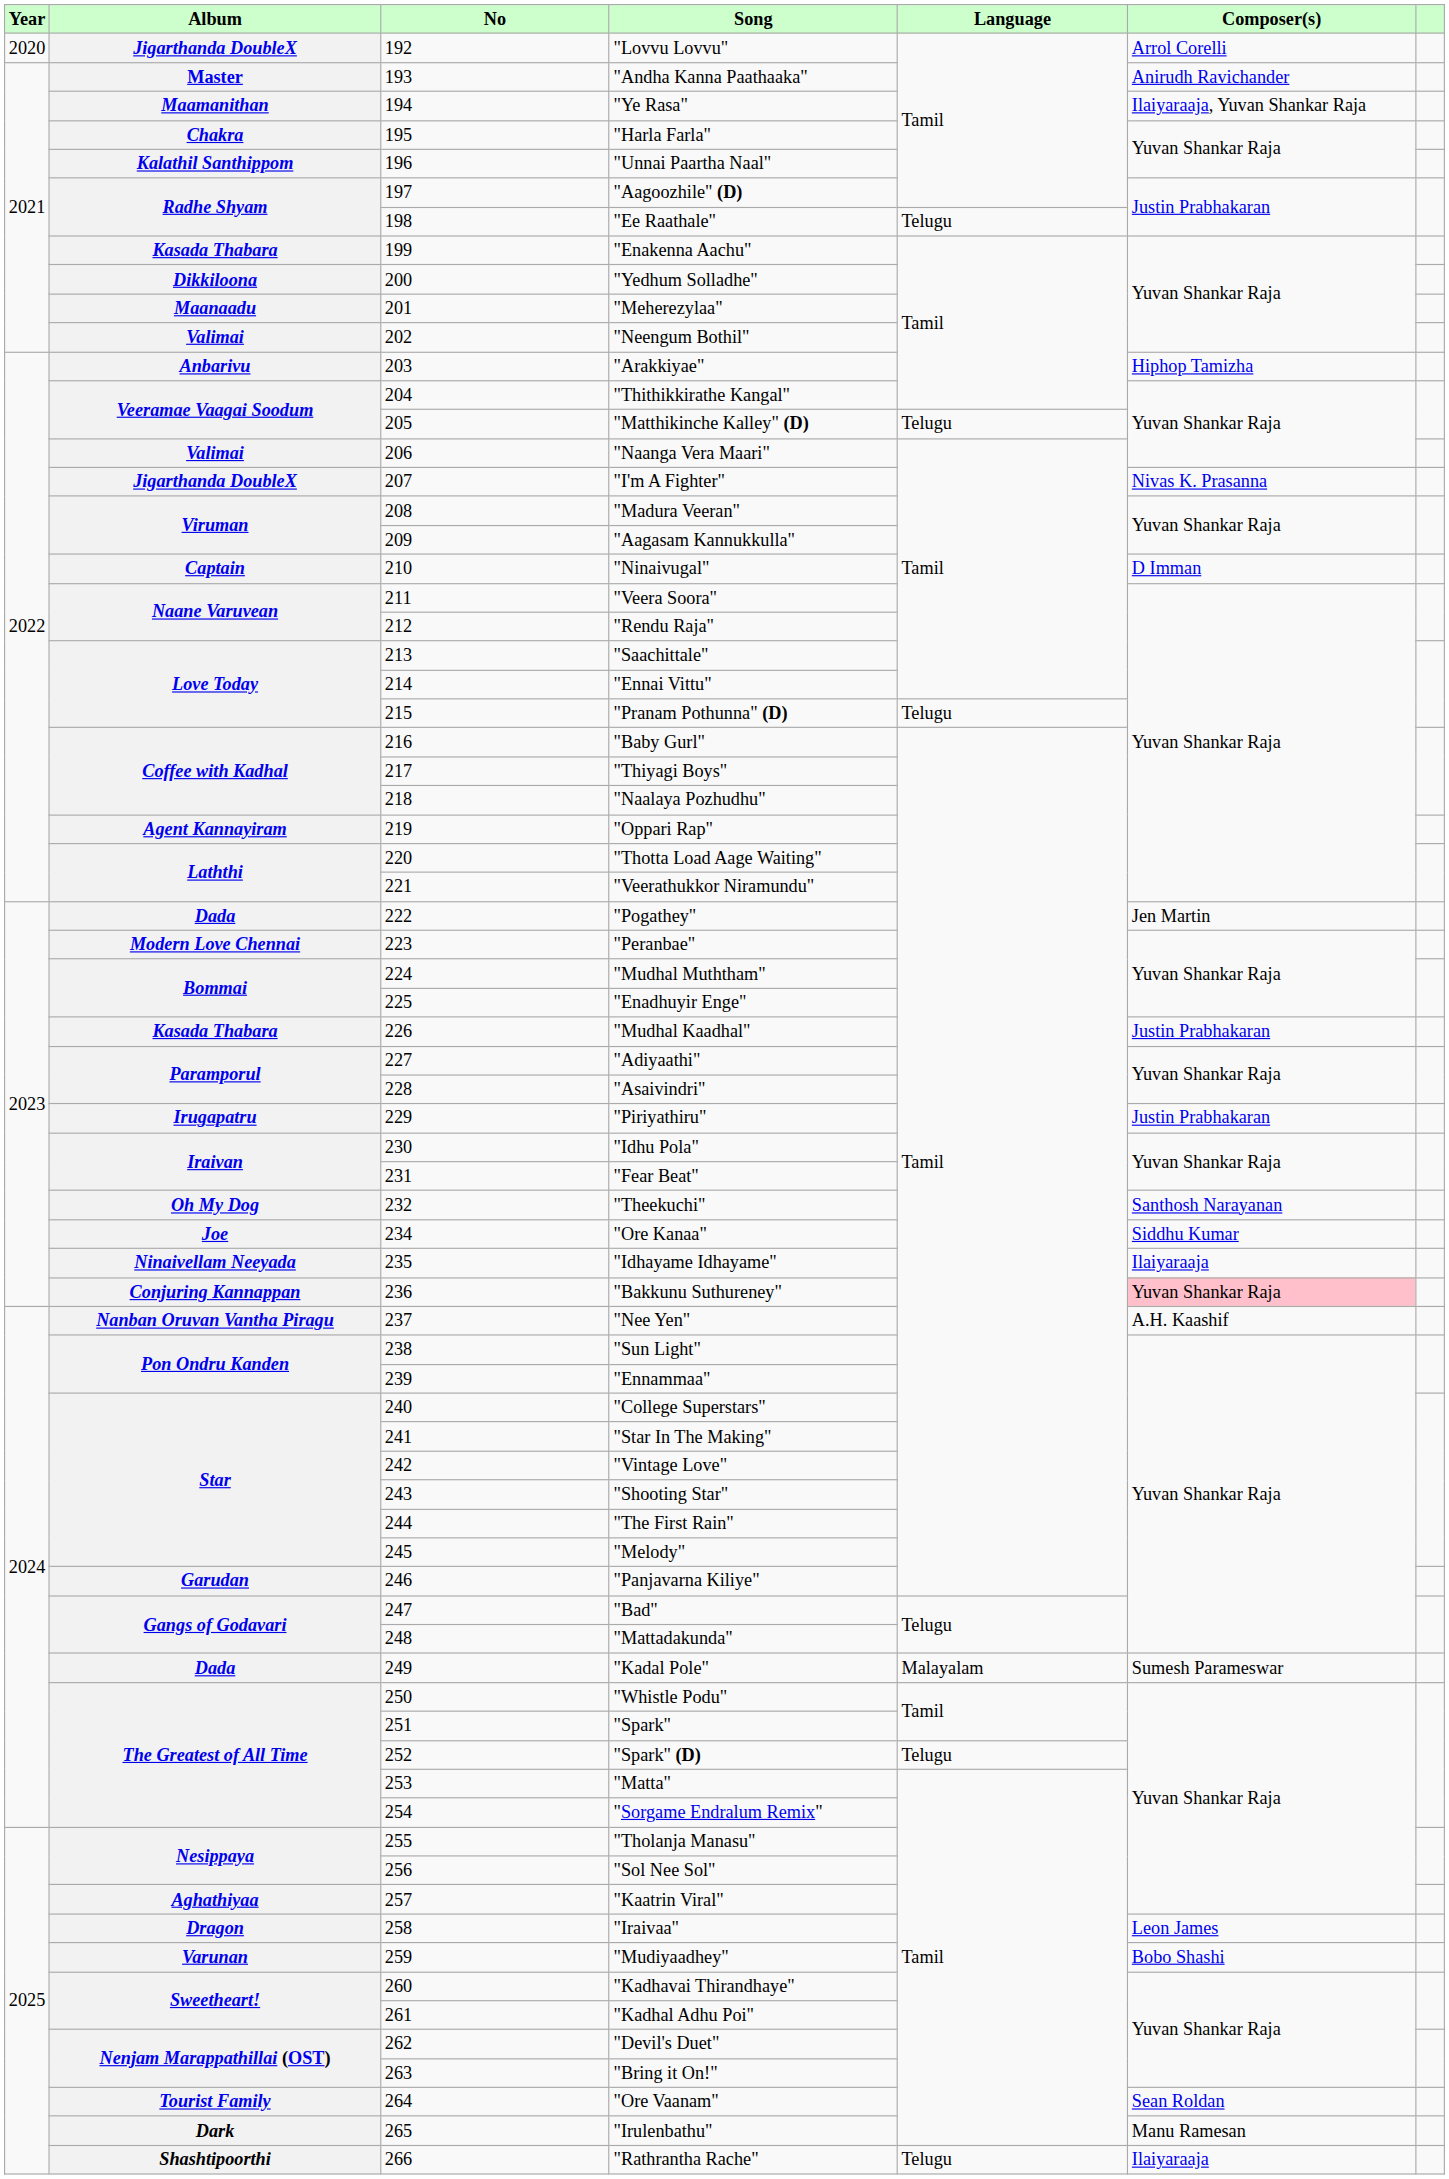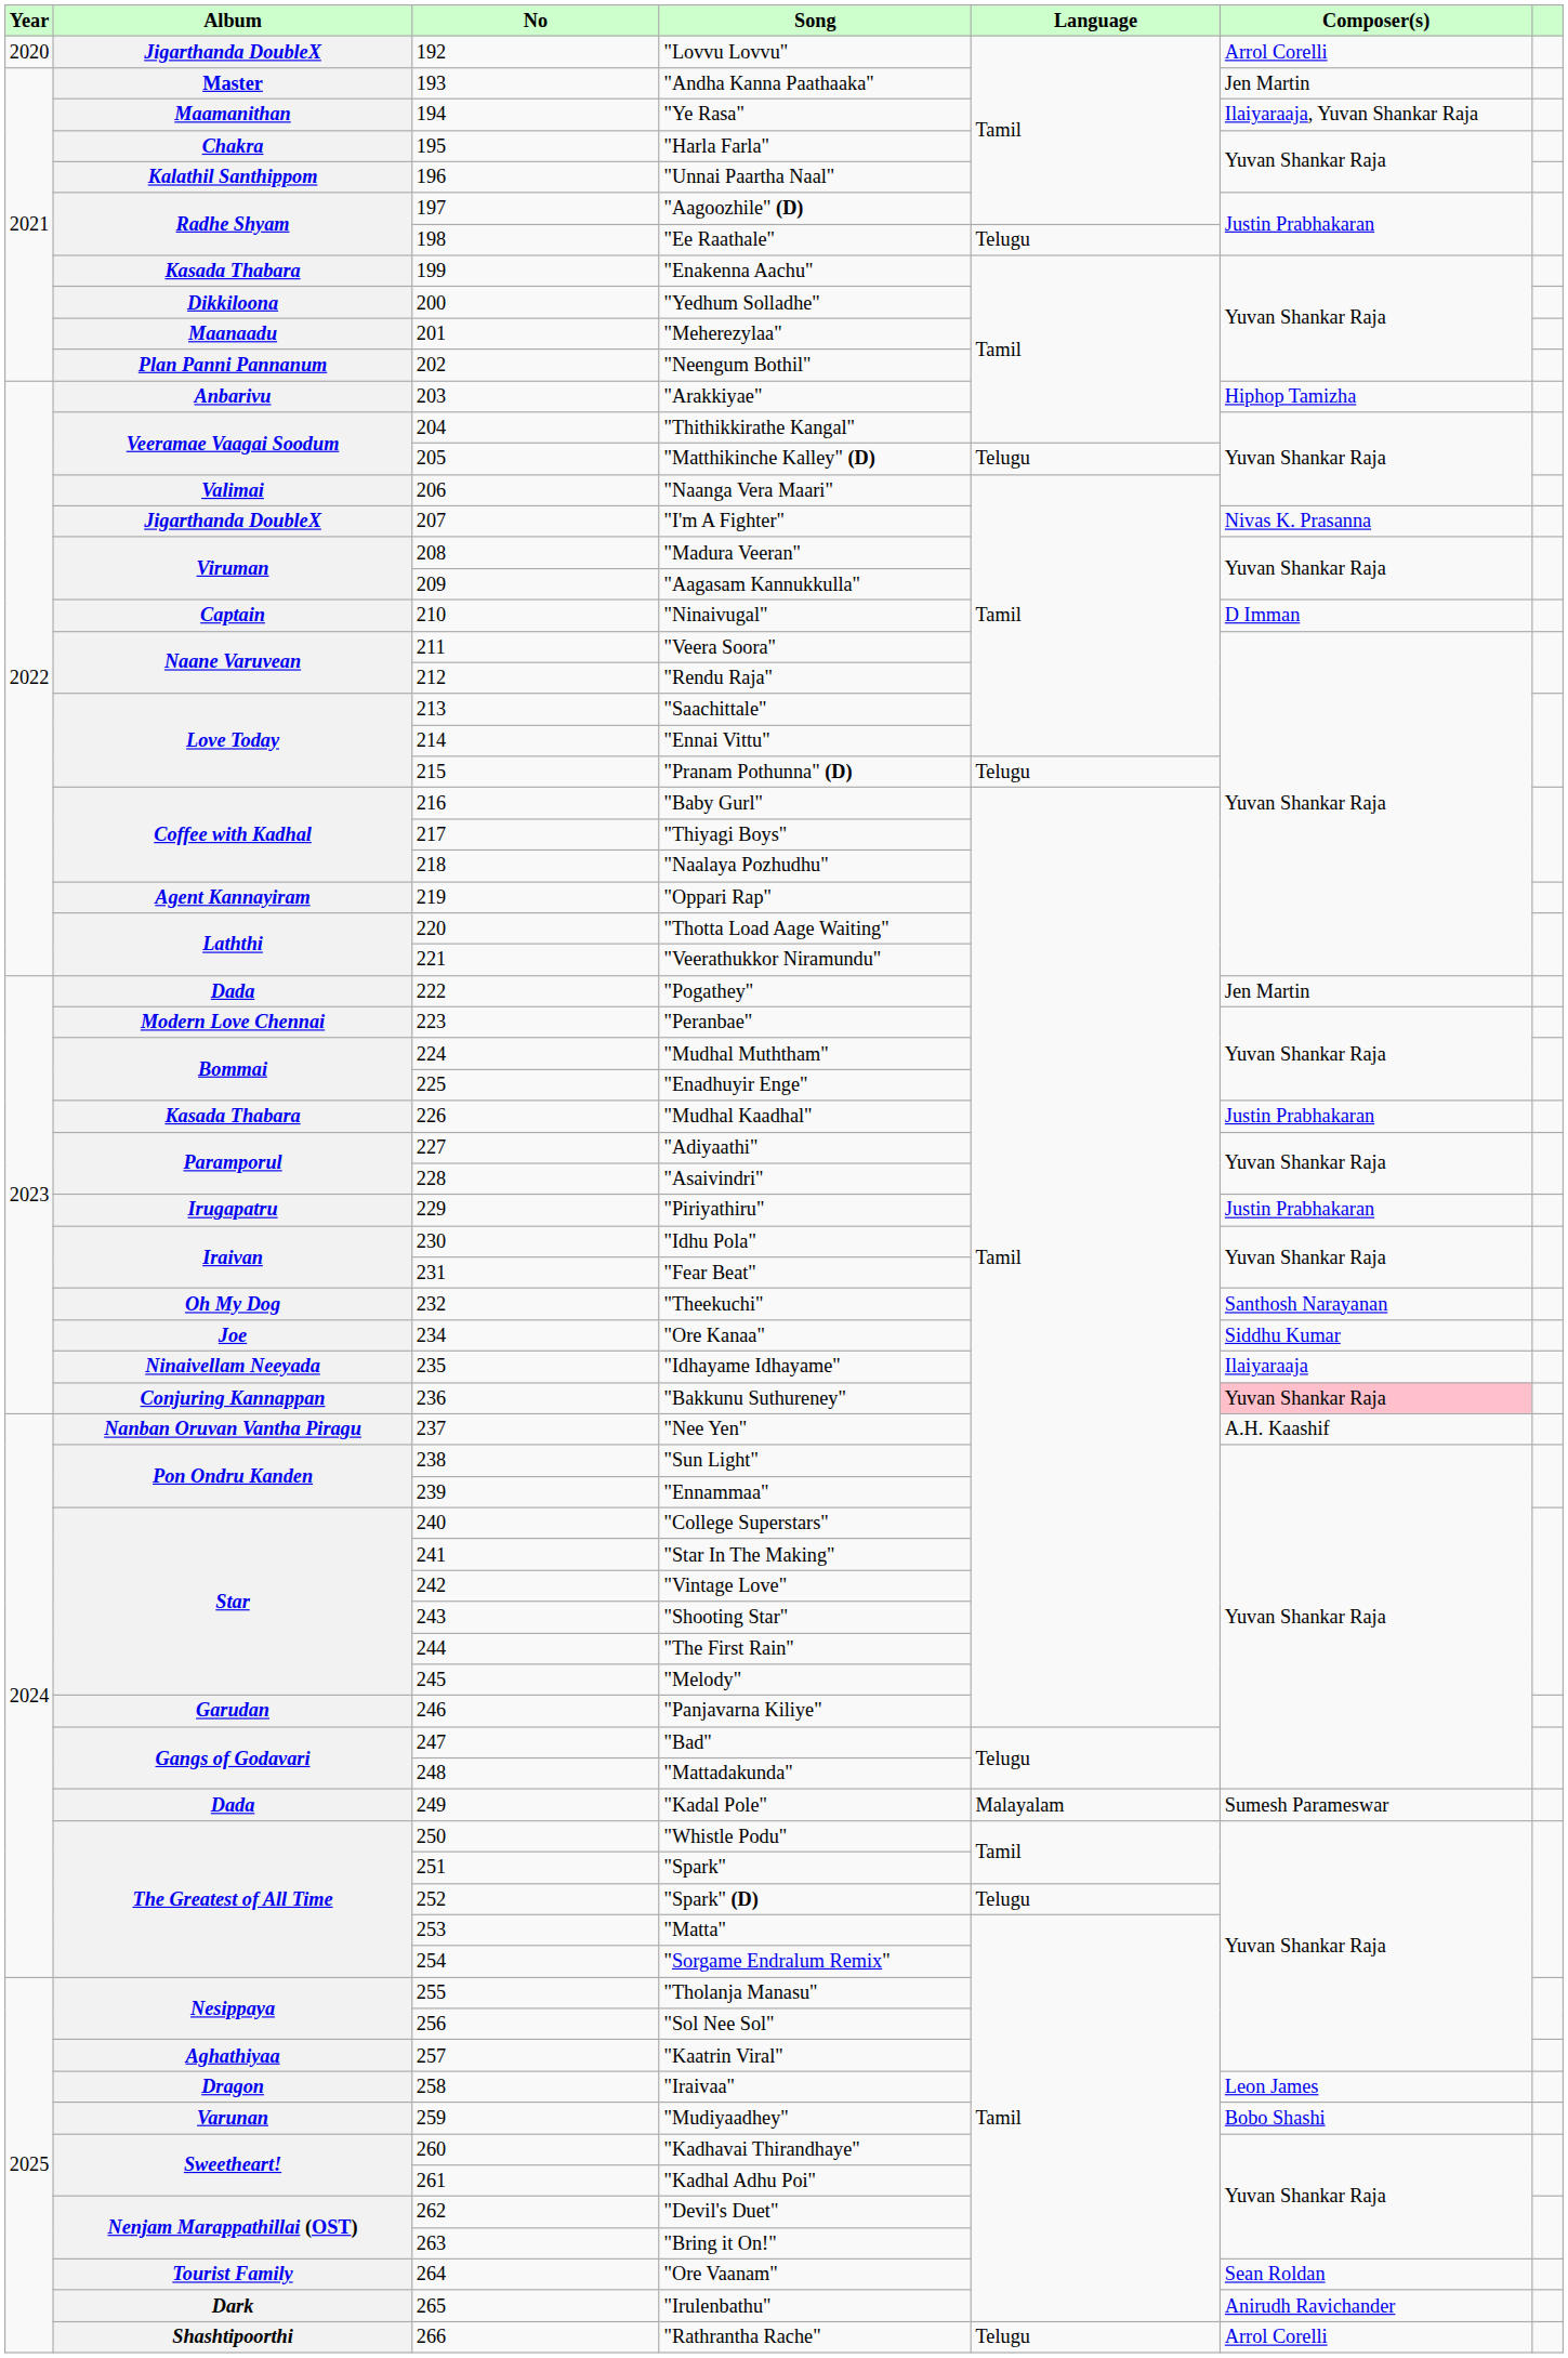 <table class="wikitable plainrowheaders" style="width:100%; textcolor:#000">
 <tr style="background:#cfc; text-align:center;">
 <td scope="col" style="width:2%;"><strong>Year</strong></td>
 <td scope="col" style="width:23%;"><strong>Album</strong></td>
 <td><strong>No</strong></td>
 <td scope="col" style="width:20%;"><strong>Song</strong></td>
 <td scope="col" style="width:16%;"><strong>Language</strong></td>
 <td scope="col" style="width:20%;"><strong>Composer(s)</strong></td>
 <td scope="col" style="width:2%;"><strong></strong></td>
 </tr>
 <tr>
 <td>2020</td>
 <th scope="row"><em><a href='#'>Jigarthanda DoubleX</a></em></th>
 <td>192</td>
 <td>"Lovvu Lovvu"</td>
 <td rowspan="6">Tamil</td>
 <td><a href='#'>Arrol Corelli</a></td>
 <td></td>
 </tr>
 <tr>
 <td rowspan="10">2021</td>
 <th scope="row"><a href='#'>Master</a></th>
 <td>193</td>
 <td>"Andha Kanna Paathaaka"</td>
-<td><a href='#'>Anirudh Ravichander</a></td>
+<td>Jen Martin</td>
 <td></td>
 </tr>
 <tr>
 <th scope="row"><a href='#'><em>Maamanithan</em></a></th>
 <td>194</td>
 <td>"Ye Rasa"</td>
 <td><a href='#'>Ilaiyaraaja</a>, Yuvan Shankar Raja</td>
 <td></td>
 </tr>
 <tr>
 <th scope="row"><a href='#'><em>Chakra</em></a></th>
 <td>195</td>
 <td>"Harla Farla"</td>
 <td rowspan="2">Yuvan Shankar Raja</td>
 <td></td>
 </tr>
 <tr>
 <th scope="row"><em><a href='#'>Kalathil Santhippom</a></em></th>
 <td>196</td>
 <td>"Unnai Paartha Naal"</td>
 <td></td>
 </tr>
 <tr>
 <th scope="row"rowspan="2"><em><a href='#'>Radhe Shyam</a></em></th>
 <td>197</td>
 <td>"Aagoozhile" <strong>(D)</strong></td>
 <td rowspan="2"><a href='#'>Justin Prabhakaran</a></td>
 <td rowspan="2"></td>
 </tr>
 <tr>
 <td>198</td>
 <td>"Ee Raathale"</td>
 <td>Telugu</td>
 </tr>
 <tr>
 <th scope="row"><em><a href='#'>Kasada Thabara</a></em></th>
 <td>199</td>
 <td>"Enakenna Aachu"</td>
 <td rowspan="6">Tamil</td>
 <td rowspan="4">Yuvan Shankar Raja</td>
 <td></td>
 </tr>
 <tr>
 <th scope="row"><em><a href='#'>Dikkiloona</a></em></th>
 <td>200</td>
 <td>"Yedhum Solladhe"</td>
 <td></td>
 </tr>
 <tr>
 <th scope="row"><em><a href='#'>Maanaadu</a></em></th>
 <td>201</td>
 <td>"Meherezylaa"</td>
 <td></td>
 </tr>
 <tr>
-<th scope="row"><em><a href='#'>Valimai</a></em></th>
+<th scope="row"><em><a href='#'>Plan Panni Pannanum</a></em></th>
 <td>202</td>
 <td>"Neengum Bothil"</td>
 <td></td>
 </tr>
 <tr>
 <td rowspan="19">2022</td>
 <th scope="row"><em><a href='#'>Anbarivu</a></em></th>
 <td>203</td>
 <td>"Arakkiyae"</td>
 <td><a href='#'>Hiphop Tamizha</a></td>
 <td></td>
 </tr>
 <tr>
 <th scope="row" rowspan="2"><em><a href='#'>Veeramae Vaagai Soodum</a></em></th>
 <td>204</td>
 <td>"Thithikkirathe Kangal"</td>
 <td rowspan="3">Yuvan Shankar Raja</td>
 <td rowspan="2"></td>
 </tr>
 <tr>
 <td>205</td>
 <td>"Matthikinche Kalley" <strong>(D)</strong></td>
 <td>Telugu</td>
 </tr>
 <tr>
 <th scope="row"><em><a href='#'>Valimai</a></em></th>
 <td>206</td>
 <td>"Naanga Vera Maari"</td>
 <td rowspan="9">Tamil</td>
 <td></td>
 </tr>
 <tr>
 <th scope="row"><em><a href='#'>Jigarthanda DoubleX</a></em></th>
 <td>207</td>
 <td>"I'm A Fighter"</td>
 <td><a href='#'>Nivas K. Prasanna</a></td>
 <td></td>
 </tr>
 <tr>
 <th scope="row" rowspan="2"><em><a href='#'>Viruman</a></em></th>
 <td>208</td>
 <td>"Madura Veeran"</td>
 <td rowspan="2">Yuvan Shankar Raja</td>
 <td rowspan="2"></td>
 </tr>
 <tr>
 <td>209</td>
 <td>"Aagasam Kannukkulla"</td>
 </tr>
 <tr>
 <th scope="row"><em><a href='#'>Captain</a></em></th>
 <td>210</td>
 <td>"Ninaivugal"</td>
 <td><a href='#'>D Imman</a></td>
 <td></td>
 </tr>
 <tr>
 <th scope="row" rowspan="2"><em><a href='#'>Naane Varuvean</a></em></th>
 <td>211</td>
 <td>"Veera Soora"</td>
 <td rowspan="11">Yuvan Shankar Raja</td>
 <td rowspan="2"></td>
 </tr>
 <tr>
 <td>212</td>
 <td>"Rendu Raja"</td>
 </tr>
 <tr>
 <th scope="row" rowspan="3"><a href='#'><em>Love Today</em></a></th>
 <td>213</td>
 <td>"Saachittale"</td>
 <td rowspan="3"></td>
 </tr>
 <tr>
 <td>214</td>
 <td>"Ennai Vittu"</td>
 </tr>
 <tr>
 <td>215</td>
 <td>"Pranam Pothunna" <strong>(D)</strong></td>
 <td>Telugu</td>
 </tr>
 <tr>
 <th scope="row" rowspan="3"><em><a href='#'>Coffee with Kadhal</a></em></th>
 <td>216</td>
 <td>"Baby Gurl"</td>
 <td rowspan="30">Tamil</td>
 <td rowspan="3"></td>
 </tr>
 <tr>
 <td>217</td>
 <td>"Thiyagi Boys"</td>
 </tr>
 <tr>
 <td>218</td>
 <td>"Naalaya Pozhudhu"</td>
 </tr>
 <tr>
 <th scope="row"><em><a href='#'>Agent Kannayiram</a></em></th>
 <td>219</td>
 <td>"Oppari Rap"</td>
 <td></td>
 </tr>
 <tr>
 <th scope="row"rowspan="2"><em><a href='#'>Laththi</a></em></th>
 <td>220</td>
 <td>"Thotta Load Aage Waiting"</td>
 <td rowspan="2"></td>
 </tr>
 <tr>
 <td>221</td>
 <td>"Veerathukkor Niramundu"</td>
 </tr>
 <tr>
 <td rowspan="14">2023</td>
 <th scope="row"><a href='#'><em>Dada</em></a></th>
 <td>222</td>
 <td>"Pogathey"</td>
 <td>Jen Martin</td>
 <td></td>
 </tr>
 <tr>
 <th scope="row"><em><a href='#'>Modern Love Chennai</a></em></th>
 <td>223</td>
 <td>"Peranbae"</td>
 <td rowspan="3">Yuvan Shankar Raja</td>
 <td></td>
 </tr>
 <tr>
 <th scope="row" rowspan="2"><em><a href='#'>Bommai</a></em></th>
 <td>224</td>
 <td>"Mudhal Muththam"</td>
 <td rowspan="2"></td>
 </tr>
 <tr>
 <td>225</td>
 <td>"Enadhuyir Enge"</td>
 </tr>
 <tr>
 <th scope="row"><em><a href='#'>Kasada Thabara</a></em></th>
 <td>226</td>
 <td>"Mudhal Kaadhal"</td>
 <td><a href='#'>Justin Prabhakaran</a></td>
 <td></td>
 </tr>
 <tr>
 <th scope="row"rowspan="2"><em><a href='#'>Paramporul</a></em></th>
 <td>227</td>
 <td>"Adiyaathi"</td>
 <td rowspan="2">Yuvan Shankar Raja</td>
 <td rowspan="2"></td>
 </tr>
 <tr>
 <td>228</td>
 <td>"Asaivindri"</td>
 </tr>
 <tr>
 <th scope="row"><em><a href='#'>Irugapatru</a></em></th>
 <td>229</td>
 <td>"Piriyathiru"</td>
 <td><a href='#'>Justin Prabhakaran</a></td>
 <td></td>
 </tr>
 <tr>
 <th scope="row" rowspan="2"><em><a href='#'>Iraivan</a></em></th>
 <td>230</td>
 <td>"Idhu Pola"</td>
 <td rowspan="2">Yuvan Shankar Raja</td>
 <td rowspan="2"></td>
 </tr>
 <tr>
 <td>231</td>
 <td>"Fear Beat"</td>
 </tr>
 <tr>
 <th scope="row"><em><a href='#'>Oh My Dog</a></em></th>
 <td>232</td>
 <td>"Theekuchi"</td>
 <td><a href='#'>Santhosh Narayanan</a></td>
 <td></td>
 </tr>
 <tr>
 <th scope="row"><em><a href='#'>Joe</a></em></th>
 <td>234</td>
 <td>"Ore Kanaa"</td>
 <td><a href='#'>Siddhu Kumar</a></td>
 <td></td>
 </tr>
 <tr>
 <th scope="row"><em><a href='#'>Ninaivellam Neeyada</a></em></th>
 <td>235</td>
 <td>"Idhayame Idhayame"</td>
 <td><a href='#'>Ilaiyaraaja</a></td>
 <td></td>
 </tr>
 <tr>
 <th scope="row"><em><a href='#'>Conjuring Kannappan</a></em></th>
 <td>236</td>
 <td>"Bakkunu Suthureney"</td>
 <td style="background: pink;">Yuvan Shankar Raja</td>
 <td></td>
 </tr>
 <tr>
 <td rowspan="18">2024</td>
 <th scope="row"><em><a href='#'>Nanban Oruvan Vantha Piragu</a></em></th>
 <td>237</td>
 <td>"Nee Yen"</td>
 <td>A.H. Kaashif</td>
 <td></td>
 </tr>
 <tr>
 <th scope="row" rowspan="2"><em><a href='#'>Pon Ondru Kanden</a></em></th>
 <td>238</td>
 <td>"Sun Light"</td>
 <td rowspan="11">Yuvan Shankar Raja</td>
 <td rowspan="2"></td>
 </tr>
 <tr>
 <td>239</td>
 <td>"Ennammaa"</td>
 </tr>
 <tr>
 <th scope="row" rowspan="6"><em><a href='#'>Star</a></em></th>
 <td>240</td>
 <td>"College Superstars"</td>
 <td rowspan="6"></td>
 </tr>
 <tr>
 <td>241</td>
 <td>"Star In The Making"</td>
 </tr>
 <tr>
 <td>242</td>
 <td>"Vintage Love"</td>
 </tr>
 <tr>
 <td>243</td>
 <td>"Shooting Star"</td>
 </tr>
 <tr>
 <td>244</td>
 <td>"The First Rain"</td>
 </tr>
 <tr>
 <td>245</td>
 <td>"Melody"</td>
 </tr>
 <tr>
 <th scope="row"><em><a href='#'>Garudan</a></em></th>
 <td>246</td>
 <td>"Panjavarna Kiliye"</td>
 <td></td>
 </tr>
 <tr>
 <th scope="row" rowspan="2"><em><a href='#'>Gangs of Godavari</a></em></th>
 <td>247</td>
 <td>"Bad"</td>
 <td rowspan="2">Telugu</td>
 <td rowspan="2"></td>
 </tr>
 <tr>
 <td>248</td>
 <td>"Mattadakunda"</td>
 </tr>
 <tr>
 <th scope="row"><a href='#'><em>Dada</em></a></th>
 <td>249</td>
 <td>"Kadal Pole"</td>
 <td>Malayalam</td>
 <td>Sumesh Parameswar</td>
 <td></td>
 </tr>
 <tr>
 <th rowspan="5" scope="row"><em><a href='#'>The Greatest of All Time</a></em></th>
 <td>250</td>
 <td>"Whistle Podu"</td>
 <td rowspan="2">Tamil</td>
 <td rowspan="8">Yuvan Shankar Raja</td>
 <td rowspan="5"></td>
 </tr>
 <tr>
 <td>251</td>
 <td>"Spark"</td>
 </tr>
 <tr>
 <td>252</td>
 <td>"Spark" <strong>(D)</strong></td>
 <td>Telugu</td>
 </tr>
 <tr>
 <td>253</td>
 <td>"Matta"</td>
 <td rowspan="13">Tamil</td>
 </tr>
 <tr>
 <td>254</td>
 <td>"<a href='#'>Sorgame Endralum Remix</a>"</td>
 </tr>
 <tr>
 <td rowspan="12">2025</td>
 <th rowspan="2" scope="row"><em><a href='#'>Nesippaya</a></em></th>
 <td>255</td>
 <td>"Tholanja Manasu"</td>
 <td rowspan="2"></td>
 </tr>
 <tr>
 <td>256</td>
 <td>"Sol Nee Sol"</td>
 </tr>
 <tr>
 <th scope="row"><em><a href='#'>Aghathiyaa</a></em></th>
 <td>257</td>
 <td>"Kaatrin Viral"</td>
 <td></td>
 </tr>
 <tr>
 <th scope="row"><em><a href='#'>Dragon</a></em></th>
 <td>258</td>
 <td>"Iraivaa"</td>
 <td><a href='#'>Leon James</a></td>
 <td></td>
 </tr>
 <tr>
 <th scope="row"><em><a href='#'>Varunan</a></em></th>
 <td>259</td>
 <td>"Mudiyaadhey"</td>
 <td><a href='#'>Bobo Shashi</a></td>
 <td></td>
 </tr>
 <tr>
 <th rowspan="2" scope="row"><em><a href='#'>Sweetheart!</a></em></th>
 <td>260</td>
 <td>"Kadhavai Thirandhaye"</td>
 <td rowspan="4">Yuvan Shankar Raja</td>
 <td rowspan="2"></td>
 </tr>
 <tr>
 <td>261</td>
 <td>"Kadhal Adhu Poi"</td>
 </tr>
 <tr>
 <th rowspan="2" scope="row"><a href='#'><em>Nenjam Marappathillai</em></a> (<a href='#'>OST</a>)</th>
 <td>262</td>
 <td>"Devil's Duet"</td>
 <td rowspan="2"></td>
 </tr>
 <tr>
 <td>263</td>
 <td>"Bring it On!"</td>
 </tr>
 <tr>
 <th scope="row"><em><a href='#'>Tourist Family</a></em></th>
 <td>264</td>
 <td>"Ore Vaanam"</td>
 <td><a href='#'>Sean Roldan</a></td>
 <td></td>
 </tr>
 <tr>
 <th scope="row"><em>Dark</em></th>
 <td>265</td>
 <td>"Irulenbathu"</td>
-<td>Manu Ramesan</td>
+<td><a href='#'>Anirudh Ravichander</a></td>
 <td></td>
 </tr>
 <tr>
 <th scope="row"><em>Shashtipoorthi</em></th>
 <td>266</td>
 <td>"Rathrantha Rache"</td>
 <td>Telugu</td>
-<td><a href='#'>Ilaiyaraaja</a></td>
+<td><a href='#'>Arrol Corelli</a></td>
 <td></td>
 </tr>
 </table>
